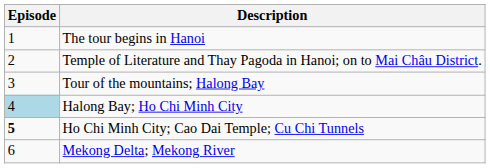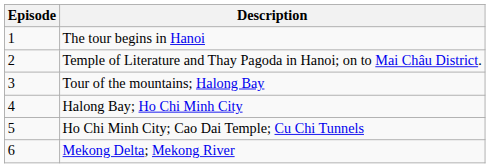 <table class="wikitable">
 <tr>
 <th>Episode</th>
 <th>Description</th>
 </tr>
 <tr>
 <td>1</td>
 <td>The tour begins in <a href='#'>Hanoi</a></td>
 </tr>
 <tr>
 <td>2</td>
 <td>Temple of Literature and Thay Pagoda in Hanoi; on to <a href='#'>Mai Châu District</a>.</td>
 </tr>
 <tr>
 <td>3</td>
 <td>Tour of the mountains; <a href='#'>Halong Bay</a></td>
 </tr>
 <tr>
-<td style="background: lightblue;">4</td>
+<td>4</td>
 <td>Halong Bay; <a href='#'>Ho Chi Minh City</a></td>
 </tr>
 <tr>
-<td><strong>5</strong></td>
+<td>5</td>
 <td>Ho Chi Minh City; Cao Dai Temple; <a href='#'>Cu Chi Tunnels</a></td>
 </tr>
 <tr>
 <td>6</td>
 <td><a href='#'>Mekong Delta</a>; <a href='#'>Mekong River</a></td>
 </tr>
 </table>
